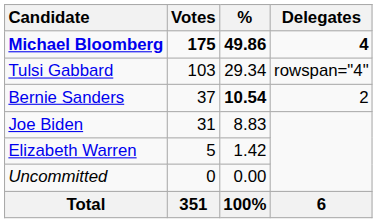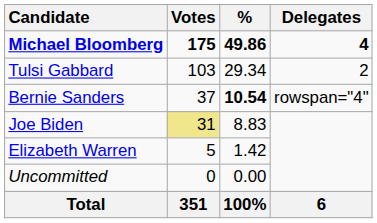 <table class="wikitable sortable" style="text-align:right;">
 <tr>
 <th style="text-align:left;">Candidate</th>
 <th>Votes</th>
 <th>%</th>
 <th>Delegates</th>
 </tr>
 <tr>
 <td style="text-align:left;" data-sort-name="Bloomberg, Michael"><strong><a href='#'>Michael Bloomberg</a></strong></td>
 <td><strong>175</strong></td>
 <td><strong>49.86</strong></td>
 <td><strong>4</strong></td>
 </tr>
 <tr>
 <td style="text-align:left;" data-sort-name="Gabbard, Tulsi"><a href='#'>Tulsi Gabbard</a></td>
 <td>103</td>
 <td>29.34</td>
-<td>rowspan="4" </td>
+<td>2</td>
 </tr>
 <tr>
 <td style="text-align:left;" data-sort-name="Sanders, Bernie"><a href='#'>Bernie Sanders</a></td>
 <td>37</td>
 <td><strong>10.54</strong></td>
-<td>2</td>
+<td>rowspan="4" </td>
 </tr>
 <tr>
 <td style="text-align:left;" data-sort-name="Biden, Joe"><a href='#'>Joe Biden</a></td>
-<td>31</td>
+<td style="background: khaki;">31</td>
 <td>8.83</td>
 </tr>
 <tr>
 <td style="text-align:left;" data-sort-name="Warren, Elizabeth"><a href='#'>Elizabeth Warren</a></td>
 <td>5</td>
 <td>1.42</td>
 </tr>
 <tr>
 <td style="text-align:left;" data-sort-name="Uncommitted"><em>Uncommitted</em></td>
 <td>0</td>
 <td>0.00</td>
 </tr>
 <tr>
 <th>Total</th>
 <th>351</th>
 <th>100%</th>
 <th>6</th>
 </tr>
 </table>
